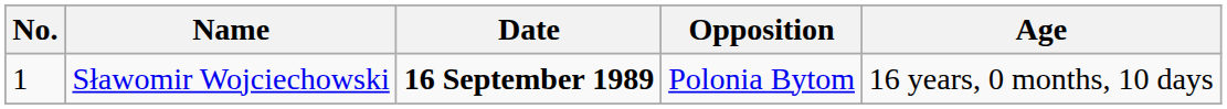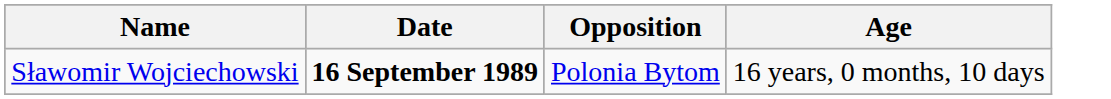 <table class="wikitable" style="display: inline-table;">
 <tr>
-<th>No.</th>
 <th>Name</th>
 <th>Date</th>
 <th>Opposition</th>
 <th>Age</th>
 </tr>
 <tr>
-<td>1</td>
 <td><a href='#'>Sławomir Wojciechowski</a></td>
 <td><strong>16 September 1989</strong></td>
 <td><a href='#'>Polonia Bytom</a></td>
 <td>16 years, 0 months, 10 days</td>
 </tr>
 </table>
